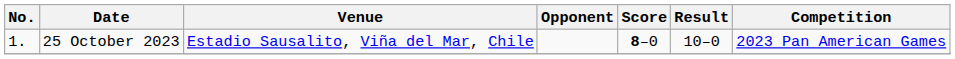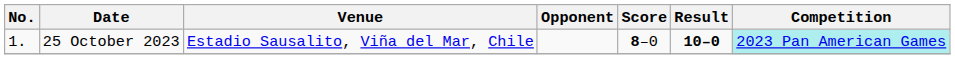 <table class="wikitable">
 <tr>
 <th>No.</th>
 <th>Date</th>
 <th>Venue</th>
 <th>Opponent</th>
 <th>Score</th>
 <th>Result</th>
 <th>Competition</th>
 </tr>
 <tr>
 <td>1.</td>
 <td>25 October 2023</td>
 <td><a href='#'>Estadio Sausalito</a>, <a href='#'>Viña del Mar</a>, <a href='#'>Chile</a></td>
 <td></td>
 <td align=center><strong>8</strong>–0</td>
-<td align=center>10–0</td>
-<td><a href='#'>2023 Pan American Games</a></td>
+<td align=center><strong>10–0</strong></td>
+<td style="background: paleturquoise;"><a href='#'>2023 Pan American Games</a></td>
 </tr>
 <tr>
 </tr>
 </table>
